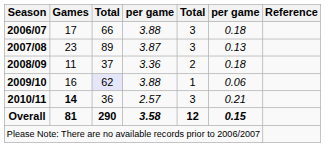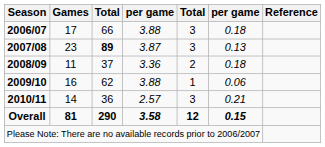 <table class="wikitable" style="text-align:center">
 <tr>
 <th>Season</th>
 <th>Games</th>
 <th>Total </th>
 <th> per game</th>
 <th>Total </th>
 <th> per game</th>
 <th>Reference</th>
 </tr>
 <tr>
 <td><strong>2006/07</strong></td>
 <td>17</td>
 <td>66</td>
 <td><em>3.88</em></td>
 <td>3</td>
 <td><em>0.18</em></td>
 <td></td>
 </tr>
 <tr>
 <td><strong>2007/08</strong></td>
 <td>23</td>
-<td>89</td>
+<td><strong>89</strong></td>
 <td><em>3.87</em></td>
 <td>3</td>
 <td><em>0.13</em></td>
 <td></td>
 </tr>
 <tr>
 <td><strong>2008/09</strong></td>
 <td>11</td>
 <td>37</td>
 <td><em>3.36</em></td>
 <td>2</td>
 <td><em>0.18</em></td>
 <td></td>
 </tr>
 <tr>
 <td><strong>2009/10</strong></td>
 <td>16</td>
-<td style="background: lavender;">62</td>
+<td>62</td>
 <td><em>3.88</em></td>
 <td>1</td>
 <td><em>0.06</em></td>
 <td></td>
 </tr>
 <tr>
 <td><strong>2010/11</strong></td>
-<td><strong>14</strong></td>
+<td>14</td>
 <td>36</td>
 <td><em>2.57</em></td>
 <td>3</td>
 <td><em>0.21</em></td>
 <td></td>
 </tr>
 <tr>
 <td><strong>Overall</strong></td>
 <td><strong>81</strong></td>
 <td><strong>290</strong></td>
 <td><strong><em>3.58</em></strong></td>
 <td><strong>12</strong></td>
 <td><strong><em>0.15</em></strong></td>
 <td></td>
 </tr>
 <tr>
 <td colspan="6" align="left"><small>Please Note: There are no available records prior to 2006/2007</small></td>
 </tr>
 </table>
